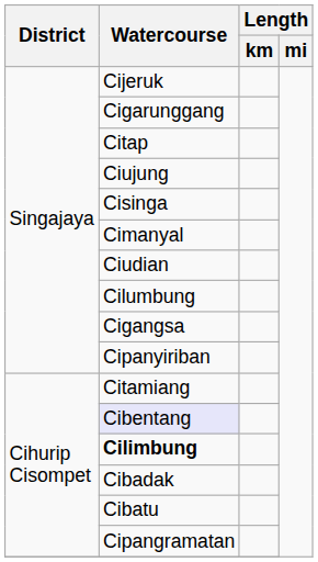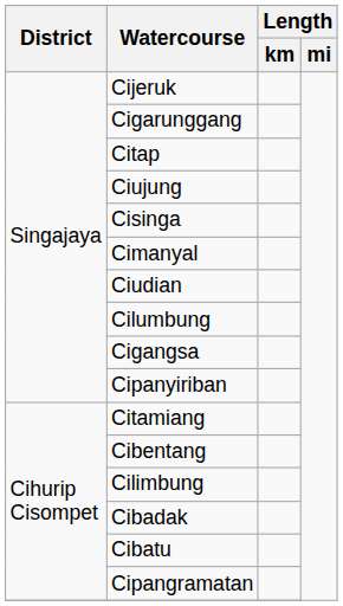 <table class=wikitable>
 <tr>
 <th rowspan=2>District</th>
 <th rowspan=2>Watercourse</th>
 <th colspan=2>Length</th>
 </tr>
 <tr>
 <th>km</th>
 <th>mi</th>
 </tr>
 <tr>
 <td rowspan=10>Singajaya</td>
 <td>Cijeruk</td>
 <td></td>
 </tr>
 <tr>
 <td>Cigarunggang</td>
 <td></td>
 </tr>
 <tr>
 <td>Citap</td>
 <td></td>
 </tr>
 <tr>
 <td>Ciujung</td>
 <td></td>
 </tr>
 <tr>
 <td>Cisinga</td>
 <td></td>
 </tr>
 <tr>
 <td>Cimanyal</td>
 <td></td>
 </tr>
 <tr>
 <td>Ciudian</td>
 <td></td>
 </tr>
 <tr>
 <td>Cilumbung</td>
 <td></td>
 </tr>
 <tr>
 <td>Cigangsa</td>
 <td></td>
 </tr>
 <tr>
 <td>Cipanyiriban</td>
 <td></td>
 </tr>
 <tr>
 <td rowspan=6>Cihurip <br>Cisompet</td>
 <td>Citamiang</td>
 <td></td>
 </tr>
 <tr>
-<td style="background: lavender;">Cibentang</td>
+<td>Cibentang</td>
 <td></td>
 </tr>
 <tr>
-<td><strong>Cilimbung</strong></td>
+<td>Cilimbung</td>
 <td></td>
 </tr>
 <tr>
 <td>Cibadak</td>
 <td></td>
 </tr>
 <tr>
 <td>Cibatu</td>
 <td></td>
 </tr>
 <tr>
 <td>Cipangramatan</td>
 <td></td>
 </tr>
 <tr>
 </tr>
 </table>
